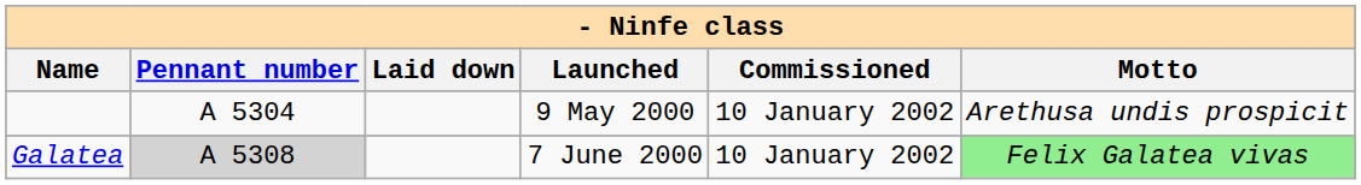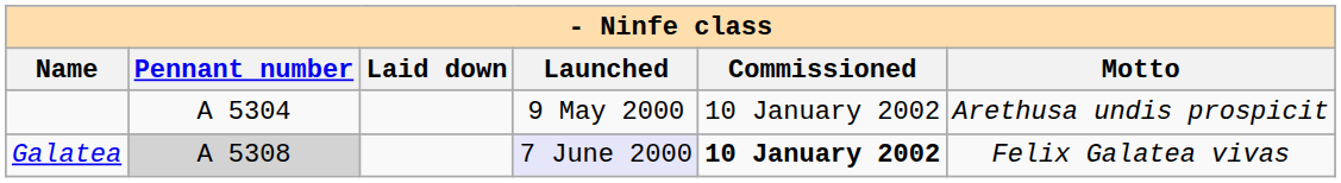 <table border="1" class="sortable wikitable" style="margin:1em auto;">
 <tr>
 <th colspan="11" style="background:#ffdead;"> - Ninfe class</th>
 </tr>
 <tr>
 <th>Name</th>
 <th><a href='#'>Pennant number</a></th>
 <th>Laid down</th>
 <th>Launched</th>
 <th>Commissioned</th>
 <th>Motto</th>
 </tr>
 <tr style="text-align:center;">
 <td></td>
 <td>A 5304</td>
 <td></td>
 <td>9 May 2000</td>
 <td>10 January 2002</td>
 <td><em>Arethusa undis prospicit</em></td>
 </tr>
 <tr style="text-align:center;">
 <td><em><a href='#'>Galatea</a></em></td>
 <td style="background: lightgrey;">A 5308</td>
 <td></td>
-<td>7 June 2000</td>
-<td>10 January 2002</td>
-<td style="background: lightgreen;"><em>Felix Galatea vivas</em></td>
+<td style="background: lavender;">7 June 2000</td>
+<td><strong>10 January 2002</strong></td>
+<td><em>Felix Galatea vivas</em></td>
 </tr>
 </table>
